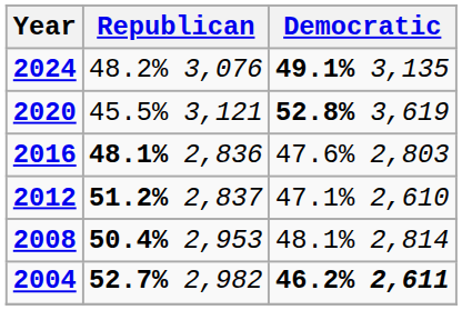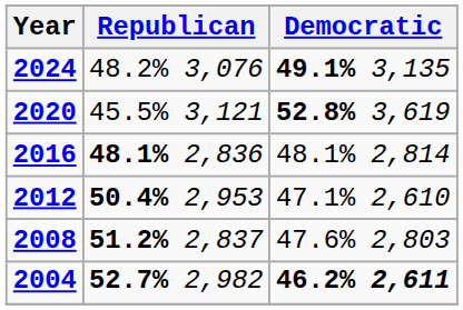 <table class="wikitable" style="float:right; margin: 1em 1em 1em 0; font-size: 95%;">
 <tr>
 <th>Year</th>
 <th><a href='#'>Republican</a></th>
 <th><a href='#'>Democratic</a></th>
 </tr>
 <tr>
 <td style="text-align:center; "><strong><a href='#'>2024</a></strong></td>
 <td style="text-align:center; ">48.2% <em>3,076</em></td>
 <td style="text-align:center; "><strong>49.1%</strong> <em>3,135</em></td>
 </tr>
 <tr>
 <td style="text-align:center; "><strong><a href='#'>2020</a></strong></td>
 <td style="text-align:center; ">45.5% <em>3,121</em></td>
 <td style="text-align:center; "><strong>52.8%</strong>  <em>3,619</em></td>
 </tr>
 <tr>
 <td style="text-align:center; "><strong><a href='#'>2016</a></strong></td>
 <td style="text-align:center; "><strong>48.1%</strong> <em>2,836</em></td>
-<td style="text-align:center; ">47.6%  <em>2,803</em></td>
+<td style="text-align:center; ">48.1%  <em>2,814</em></td>
 </tr>
 <tr>
 <td style="text-align:center; "><strong><a href='#'>2012</a></strong></td>
-<td style="text-align:center; "><strong>51.2%</strong> <em>2,837</em></td>
+<td style="text-align:center; "><strong>50.4%</strong> <em>2,953</em></td>
 <td style="text-align:center; ">47.1%  <em>2,610</em></td>
 </tr>
 <tr>
 <td style="text-align:center; "><strong><a href='#'>2008</a></strong></td>
-<td style="text-align:center; "><strong>50.4%</strong> <em>2,953</em></td>
-<td style="text-align:center; ">48.1%  <em>2,814</em></td>
+<td style="text-align:center; "><strong>51.2%</strong> <em>2,837</em></td>
+<td style="text-align:center; ">47.6%  <em>2,803</em></td>
 </tr>
 <tr>
 <td style="text-align:center; "><strong><a href='#'>2004</a></strong></td>
 <td style="text-align:center; "><strong>52.7%</strong> <em>2,982</em></td>
 <td style="text-align:center; "><strong>46.2% <em>2,611</em></strong></td>
 </tr>
 <tr>
 </tr>
 </table>
